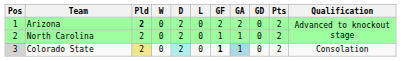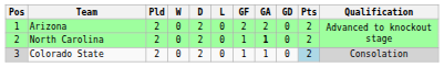 <table class="wikitable" style="text-align:center; margin: 1em auto">
 <tr>
 <th style="width:2em">Pos</th>
 <th style="width:13em">Team</th>
 <th style="width:2em">Pld</th>
 <th style="width:2em">W</th>
 <th style="width:2em">D</th>
 <th style="width:2em">L</th>
 <th style="width:2em">GF</th>
 <th style="width:2em">GA</th>
 <th style="width:2em">GD</th>
 <th style="width:2em">Pts</th>
 <th style="width:13em">Qualification</th>
 </tr>
 <tr bgcolor="#9eff9e">
 <td>1</td>
 <td style="text-align:left">Arizona</td>
-<td><strong>2</strong></td>
+<td>2</td>
 <td>0</td>
 <td>2</td>
 <td>0</td>
 <td>2</td>
 <td>2</td>
 <td>0</td>
 <td>2</td>
 <td rowspan="2">Advanced to knockout stage</td>
 </tr>
 <tr bgcolor="#9eff9e">
 <td>2</td>
 <td style="text-align:left">North Carolina</td>
 <td>2</td>
 <td>0</td>
 <td>2</td>
 <td>0</td>
 <td>1</td>
-<td>1</td>
+<td><strong>1</strong></td>
 <td>0</td>
 <td>2</td>
 </tr>
 <tr>
 <td style="background: lightgrey;">3</td>
 <td style="text-align:left">Colorado State</td>
-<td style="background: khaki;">2</td>
-<td>0</td>
-<td style="background: paleturquoise;">2</td>
-<td>0</td>
-<td><strong>1</strong></td>
-<td style="background: lightblue;">1</td>
+<td>2</td>
 <td>0</td>
 <td>2</td>
-<td>Consolation</td>
+<td>0</td>
+<td>1</td>
+<td>1</td>
+<td>0</td>
+<td style="background: lightblue;">2</td>
+<td style="background: lightgrey;">Consolation</td>
 </tr>
 </table>
